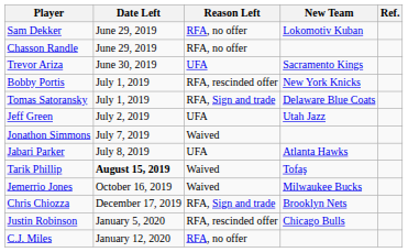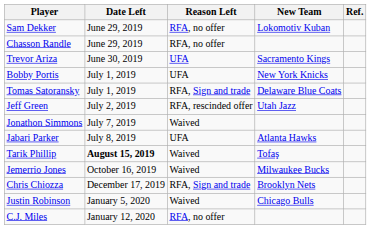 <table class="wikitable sortable sortable">
 <tr>
 <th>Player</th>
 <th>Date Left</th>
 <th>Reason Left</th>
 <th>New Team</th>
 <th>Ref.</th>
 </tr>
 <tr>
 <td><a href='#'>Sam Dekker</a></td>
 <td>June 29, 2019</td>
 <td><a href='#'>RFA</a>, no offer</td>
 <td> <a href='#'>Lokomotiv Kuban</a></td>
 <td></td>
 </tr>
 <tr>
 <td><a href='#'>Chasson Randle</a></td>
 <td>June 29, 2019</td>
 <td>RFA, no offer</td>
 <td></td>
 <td></td>
 </tr>
 <tr>
 <td><a href='#'>Trevor Ariza</a></td>
 <td>June 30, 2019</td>
 <td><a href='#'>UFA</a></td>
 <td><a href='#'>Sacramento Kings</a></td>
 <td></td>
 </tr>
 <tr>
 <td><a href='#'>Bobby Portis</a></td>
 <td>July 1, 2019</td>
-<td>RFA, rescinded offer</td>
+<td>UFA</td>
 <td><a href='#'>New York Knicks</a></td>
 <td></td>
 </tr>
 <tr>
 <td><a href='#'>Tomas Satoransky</a></td>
 <td>July 1, 2019</td>
 <td>RFA, <a href='#'>Sign and trade</a></td>
 <td><a href='#'>Delaware Blue Coats</a></td>
 <td></td>
 </tr>
 <tr>
 <td><a href='#'>Jeff Green</a></td>
 <td>July 2, 2019</td>
-<td>UFA</td>
+<td>RFA, rescinded offer</td>
 <td><a href='#'>Utah Jazz</a></td>
 <td></td>
 </tr>
 <tr>
 <td><a href='#'>Jonathon Simmons</a></td>
 <td>July 7, 2019</td>
 <td>Waived</td>
 <td></td>
 <td></td>
 </tr>
 <tr>
 <td><a href='#'>Jabari Parker</a></td>
 <td>July 8, 2019</td>
 <td>UFA</td>
 <td><a href='#'>Atlanta Hawks</a></td>
 <td></td>
 </tr>
 <tr>
 <td><a href='#'>Tarik Phillip</a></td>
 <td><strong>August 15, 2019</strong></td>
 <td>Waived</td>
 <td> <a href='#'>Tofaş</a></td>
 <td></td>
 </tr>
 <tr>
 <td><a href='#'>Jemerrio Jones</a></td>
 <td>October 16, 2019</td>
 <td>Waived</td>
 <td><a href='#'>Milwaukee Bucks</a></td>
 <td></td>
 </tr>
 <tr>
 <td><a href='#'>Chris Chiozza</a></td>
 <td>December 17, 2019</td>
 <td>RFA, <a href='#'>Sign and trade</a></td>
 <td><a href='#'>Brooklyn Nets</a></td>
 <td></td>
 </tr>
 <tr>
 <td><a href='#'>Justin Robinson</a></td>
 <td>January 5, 2020</td>
-<td>RFA, rescinded offer</td>
+<td>Waived</td>
 <td><a href='#'>Chicago Bulls</a></td>
 <td></td>
 </tr>
 <tr>
 <td><a href='#'>C.J. Miles</a></td>
 <td>January 12, 2020</td>
 <td><a href='#'>RFA</a>, no offer</td>
 <td></td>
 <td></td>
 </tr>
 </table>
